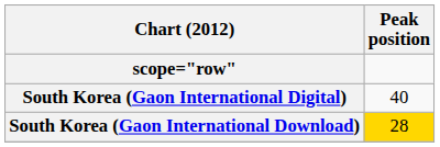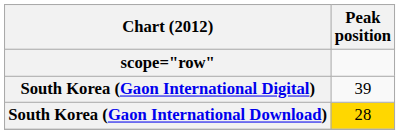 <table class="wikitable plainrowheaders sortable" style="text-align:center;">
 <tr>
 <th scope="col">Chart (2012)</th>
 <th scope="col">Peak<br>position</th>
 </tr>
 <tr>
 <th>scope="row"</th>
 </tr>
 <tr>
 <th scope="row">South Korea (<a href='#'>Gaon International Digital</a>)</th>
-<td>40</td>
+<td>39</td>
 </tr>
 <tr>
 <th scope="row">South Korea (<a href='#'>Gaon International Download</a>)</th>
 <td style="background: gold;">28</td>
 </tr>
 <tr>
 </tr>
 </table>
